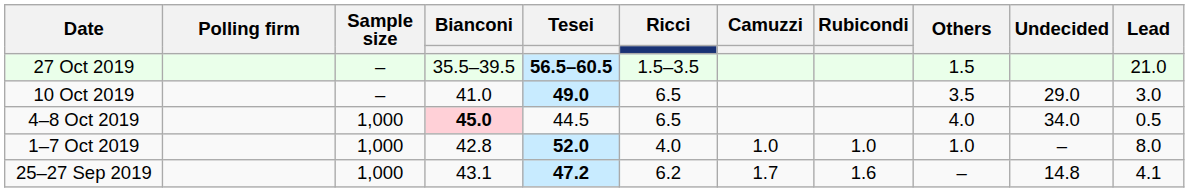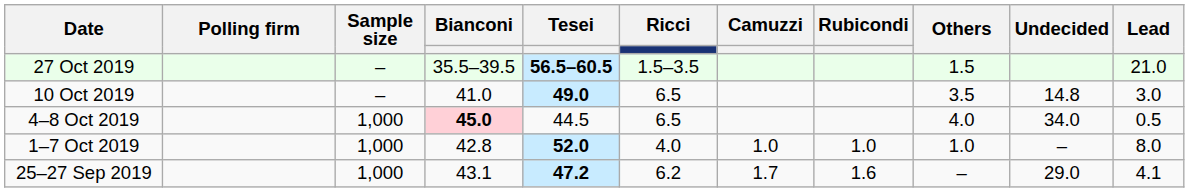 <table class=wikitable style="text-align:center;font-size:85%;line-height:13px">
 <tr style="height:30px; background-color:#E9E9E9">
 <th style="width:110px;" rowspan="2">Date</th>
 <th style="width:120px;" rowspan="2">Polling firm</th>
 <th style="width:60px;" rowspan="2">Sample size</th>
 <th style="width:65px;">Bianconi</th>
 <th style="width:65px;">Tesei</th>
 <th style="width:65px;">Ricci</th>
 <th style="width:65px;">Camuzzi</th>
 <th style="width:65px;">Rubicondi</th>
 <th style="width:65px;" rowspan="2">Others</th>
 <th style="width:35px;" rowspan="2">Undecided</th>
 <th style="width:45px;" rowspan="2">Lead</th>
 </tr>
 <tr>
 <th style="background:"></th>
 <th style="background:"></th>
 <th style="background:#193275;"></th>
 <th style="background:"></th>
 <th style="background:"></th>
 </tr>
 <tr style="background:#EAFFEA"|>
 <td>27 Oct 2019</td>
 <td></td>
 <td>–</td>
 <td>35.5–39.5</td>
 <td style="background:#C8EBFF"><strong>56.5–60.5</strong></td>
 <td>1.5–3.5</td>
 <td></td>
 <td></td>
 <td>1.5</td>
 <td></td>
 <td style="background:">21.0</td>
 </tr>
 <tr>
 <td>10 Oct 2019</td>
 <td></td>
 <td>–</td>
 <td>41.0</td>
 <td style="background:#C8EBFF"><strong>49.0</strong></td>
 <td>6.5</td>
 <td></td>
 <td></td>
 <td>3.5</td>
-<td>29.0</td>
+<td>14.8</td>
 <td style="background:">3.0</td>
 </tr>
 <tr>
 <td>4–8 Oct 2019</td>
 <td></td>
 <td>1,000</td>
 <td style="background:#FFD0D7"><strong>45.0</strong></td>
 <td>44.5</td>
 <td>6.5</td>
 <td></td>
 <td></td>
 <td>4.0</td>
 <td>34.0</td>
 <td style="background:">0.5</td>
 </tr>
 <tr>
 <td>1–7 Oct 2019</td>
 <td></td>
 <td>1,000</td>
 <td>42.8</td>
 <td style="background:#C8EBFF"><strong>52.0</strong></td>
 <td>4.0</td>
 <td>1.0</td>
 <td>1.0</td>
 <td>1.0</td>
 <td>–</td>
 <td style="background:">8.0</td>
 </tr>
 <tr>
 <td>25–27 Sep 2019</td>
 <td></td>
 <td>1,000</td>
 <td>43.1</td>
 <td style="background:#C8EBFF"><strong>47.2</strong></td>
 <td>6.2</td>
 <td>1.7</td>
 <td>1.6</td>
 <td>–</td>
-<td>14.8</td>
+<td>29.0</td>
 <td style="background:">4.1</td>
 </tr>
 </table>
